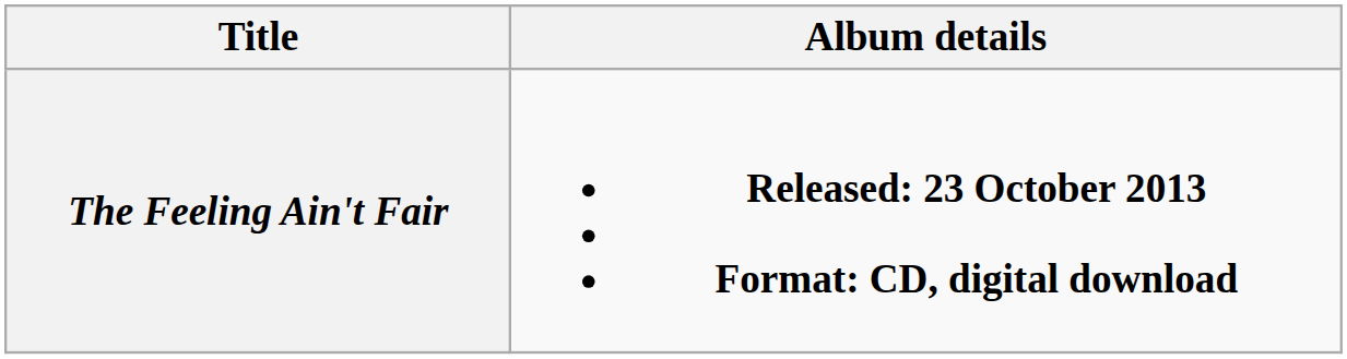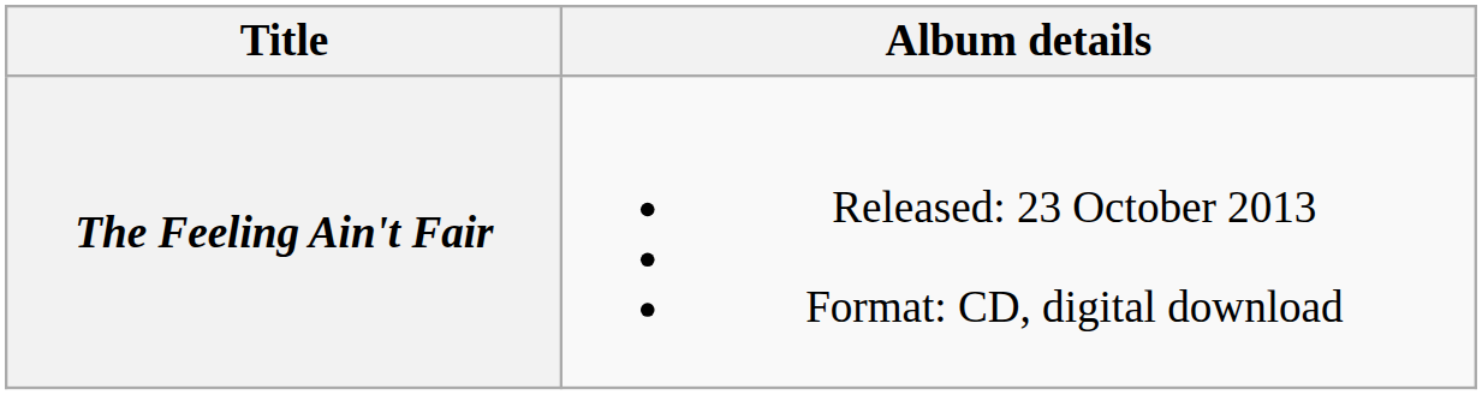 <table class="wikitable plainrowheaders" style="text-align:center;">
 <tr>
 <th scope="col" style="width:12em;">Title</th>
 <th scope="col" style="width:20em;">Album details</th>
 </tr>
 <tr>
 <th scope="row"><em>The Feeling Ain't Fair</em><br></th>
-<td><strong><br><ul><li>Released: 23 October 2013</li><li></li><li>Format: CD, digital download</li></ul></strong></td>
+<td><br><ul><li>Released: 23 October 2013</li><li></li><li>Format: CD, digital download</li></ul></td>
 </tr>
 </table>
